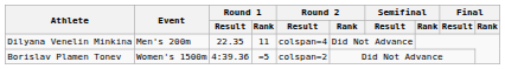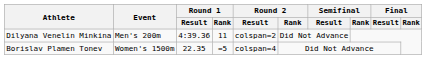 <table class="wikitable" style="font-size:90%">
 <tr>
 <th rowspan="2">Athlete</th>
 <th rowspan="2">Event</th>
 <th colspan="2">Round 1</th>
 <th colspan="2">Round 2</th>
 <th colspan="2">Semifinal</th>
 <th colspan="2">Final</th>
 </tr>
 <tr style="font-size:95%">
 <th>Result</th>
 <th>Rank</th>
 <th>Result</th>
 <th>Rank</th>
 <th>Result</th>
 <th>Rank</th>
 <th>Result</th>
 <th>Rank</th>
 </tr>
 <tr align=center>
 <td align=left>Dilyana Venelin Minkina</td>
 <td align=left>Men's 200m</td>
-<td>22.35</td>
+<td>4:39.36</td>
 <td>11</td>
-<td>colspan=4 </td>
+<td>colspan=2 </td>
 <td colspan=2>Did Not Advance</td>
 </tr>
 <tr align=center>
 <td align=left>Borislav Plamen Tonev</td>
 <td align=left>Women's 1500m</td>
-<td>4:39.36</td>
+<td>22.35</td>
 <td>=5</td>
-<td>colspan=2 </td>
+<td>colspan=4 </td>
 <td colspan=4>Did Not Advance</td>
 </tr>
 </table>
